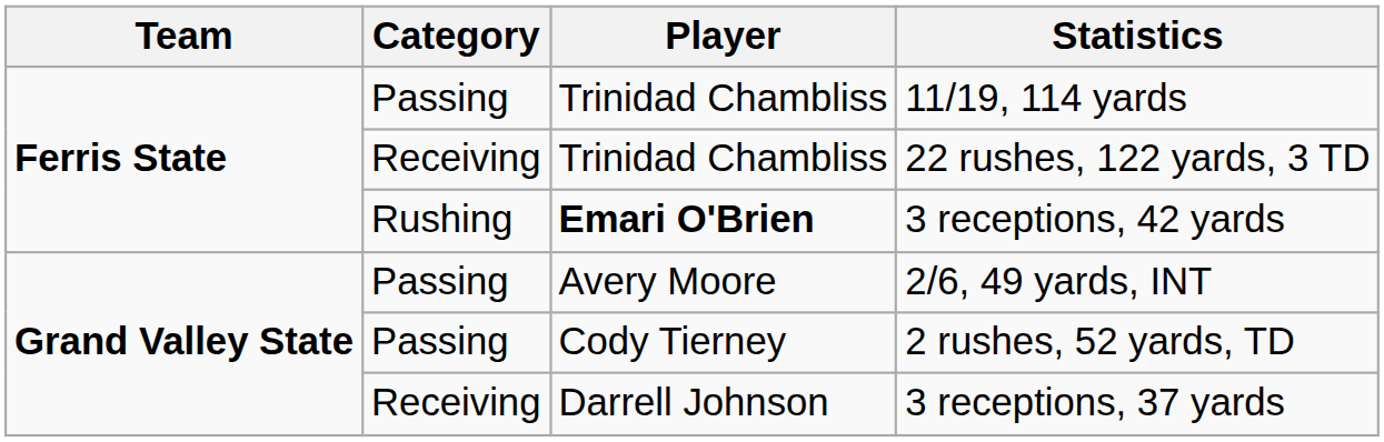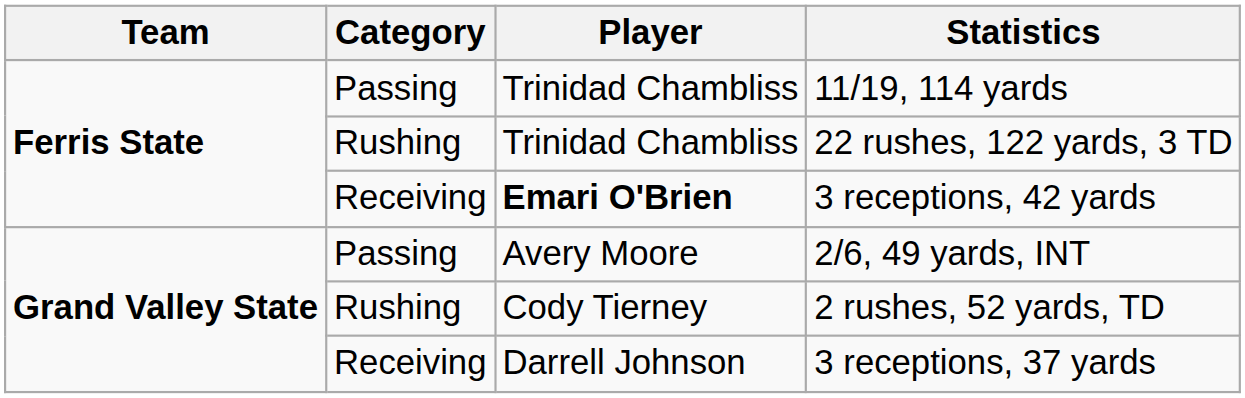 <table class="wikitable" style="float: left;">
 <tr>
 <th>Team</th>
 <th>Category</th>
 <th>Player</th>
 <th>Statistics</th>
 </tr>
 <tr>
 <td rowspan=3><strong>Ferris State</strong></td>
 <td>Passing</td>
 <td>Trinidad Chambliss</td>
 <td>11/19, 114 yards</td>
 </tr>
 <tr>
-<td>Receiving</td>
+<td>Rushing</td>
 <td>Trinidad Chambliss</td>
 <td>22 rushes, 122 yards, 3 TD</td>
 </tr>
 <tr>
-<td>Rushing</td>
+<td>Receiving</td>
 <td><strong>Emari O'Brien</strong></td>
 <td>3 receptions, 42 yards</td>
 </tr>
 <tr>
 <td rowspan=3><strong>Grand Valley State</strong></td>
 <td>Passing</td>
 <td>Avery Moore</td>
 <td>2/6, 49 yards, INT</td>
 </tr>
 <tr>
-<td>Passing</td>
+<td>Rushing</td>
 <td>Cody Tierney</td>
 <td>2 rushes, 52 yards, TD</td>
 </tr>
 <tr>
 <td>Receiving</td>
 <td>Darrell Johnson</td>
 <td>3 receptions, 37 yards</td>
 </tr>
 </table>
